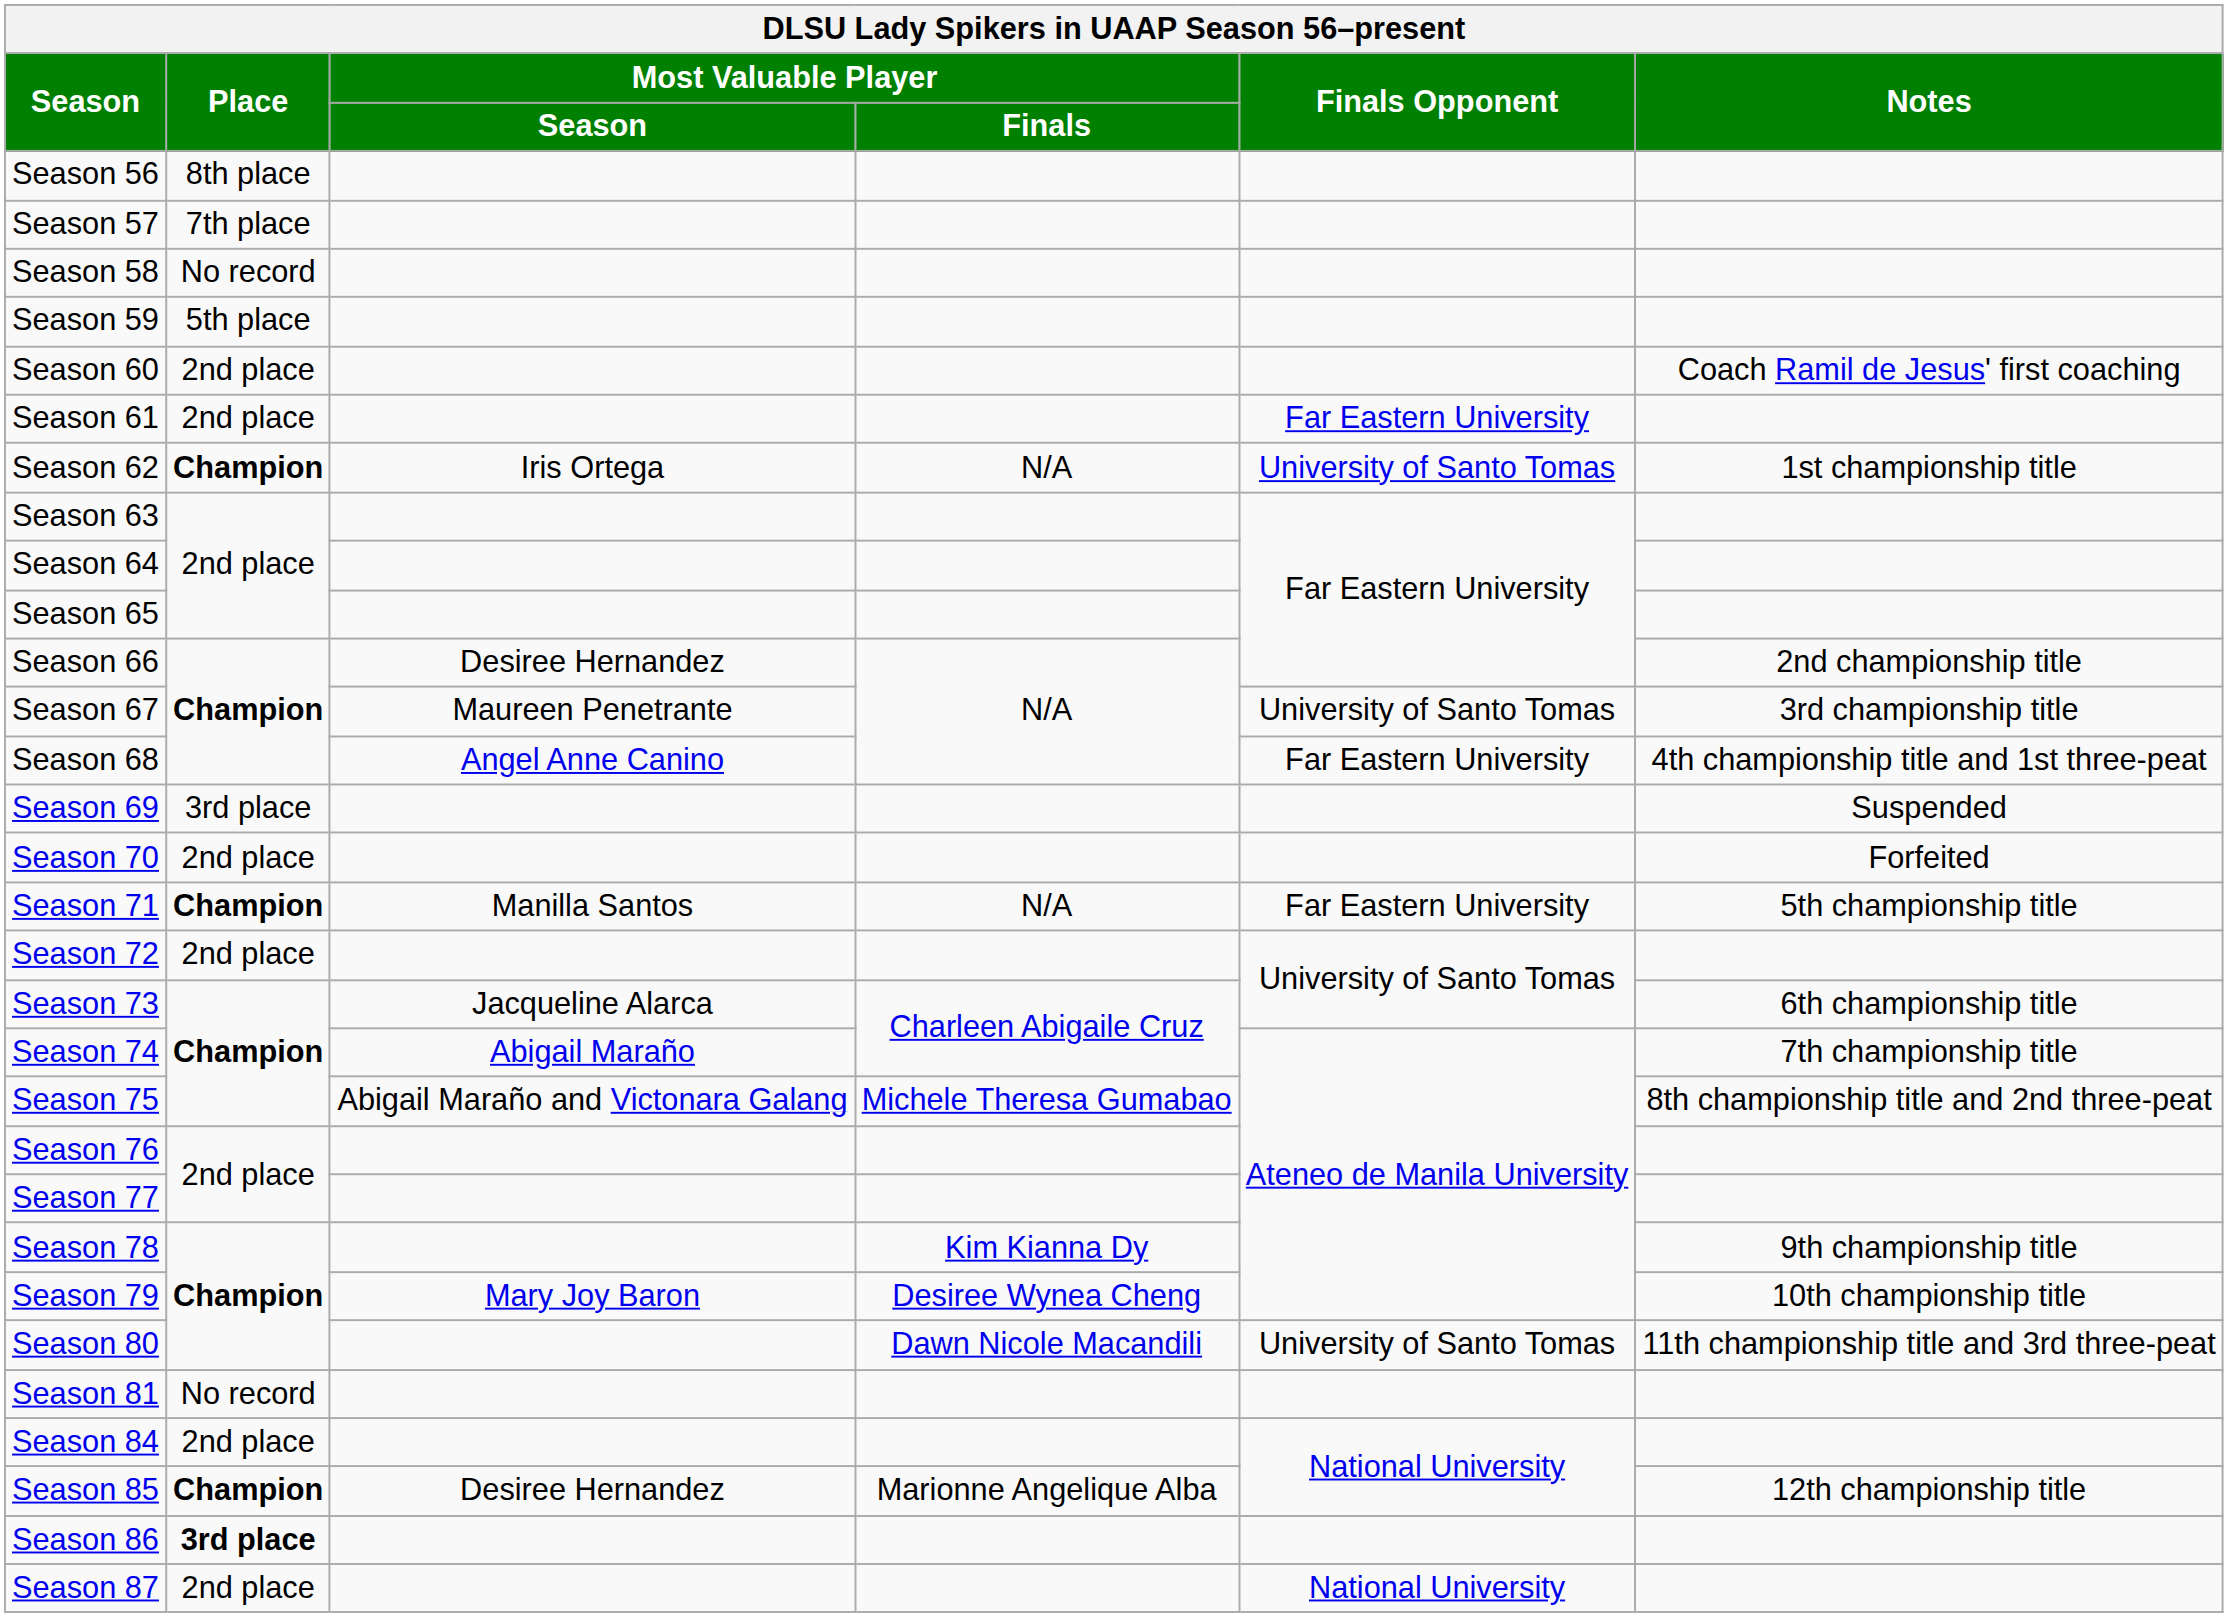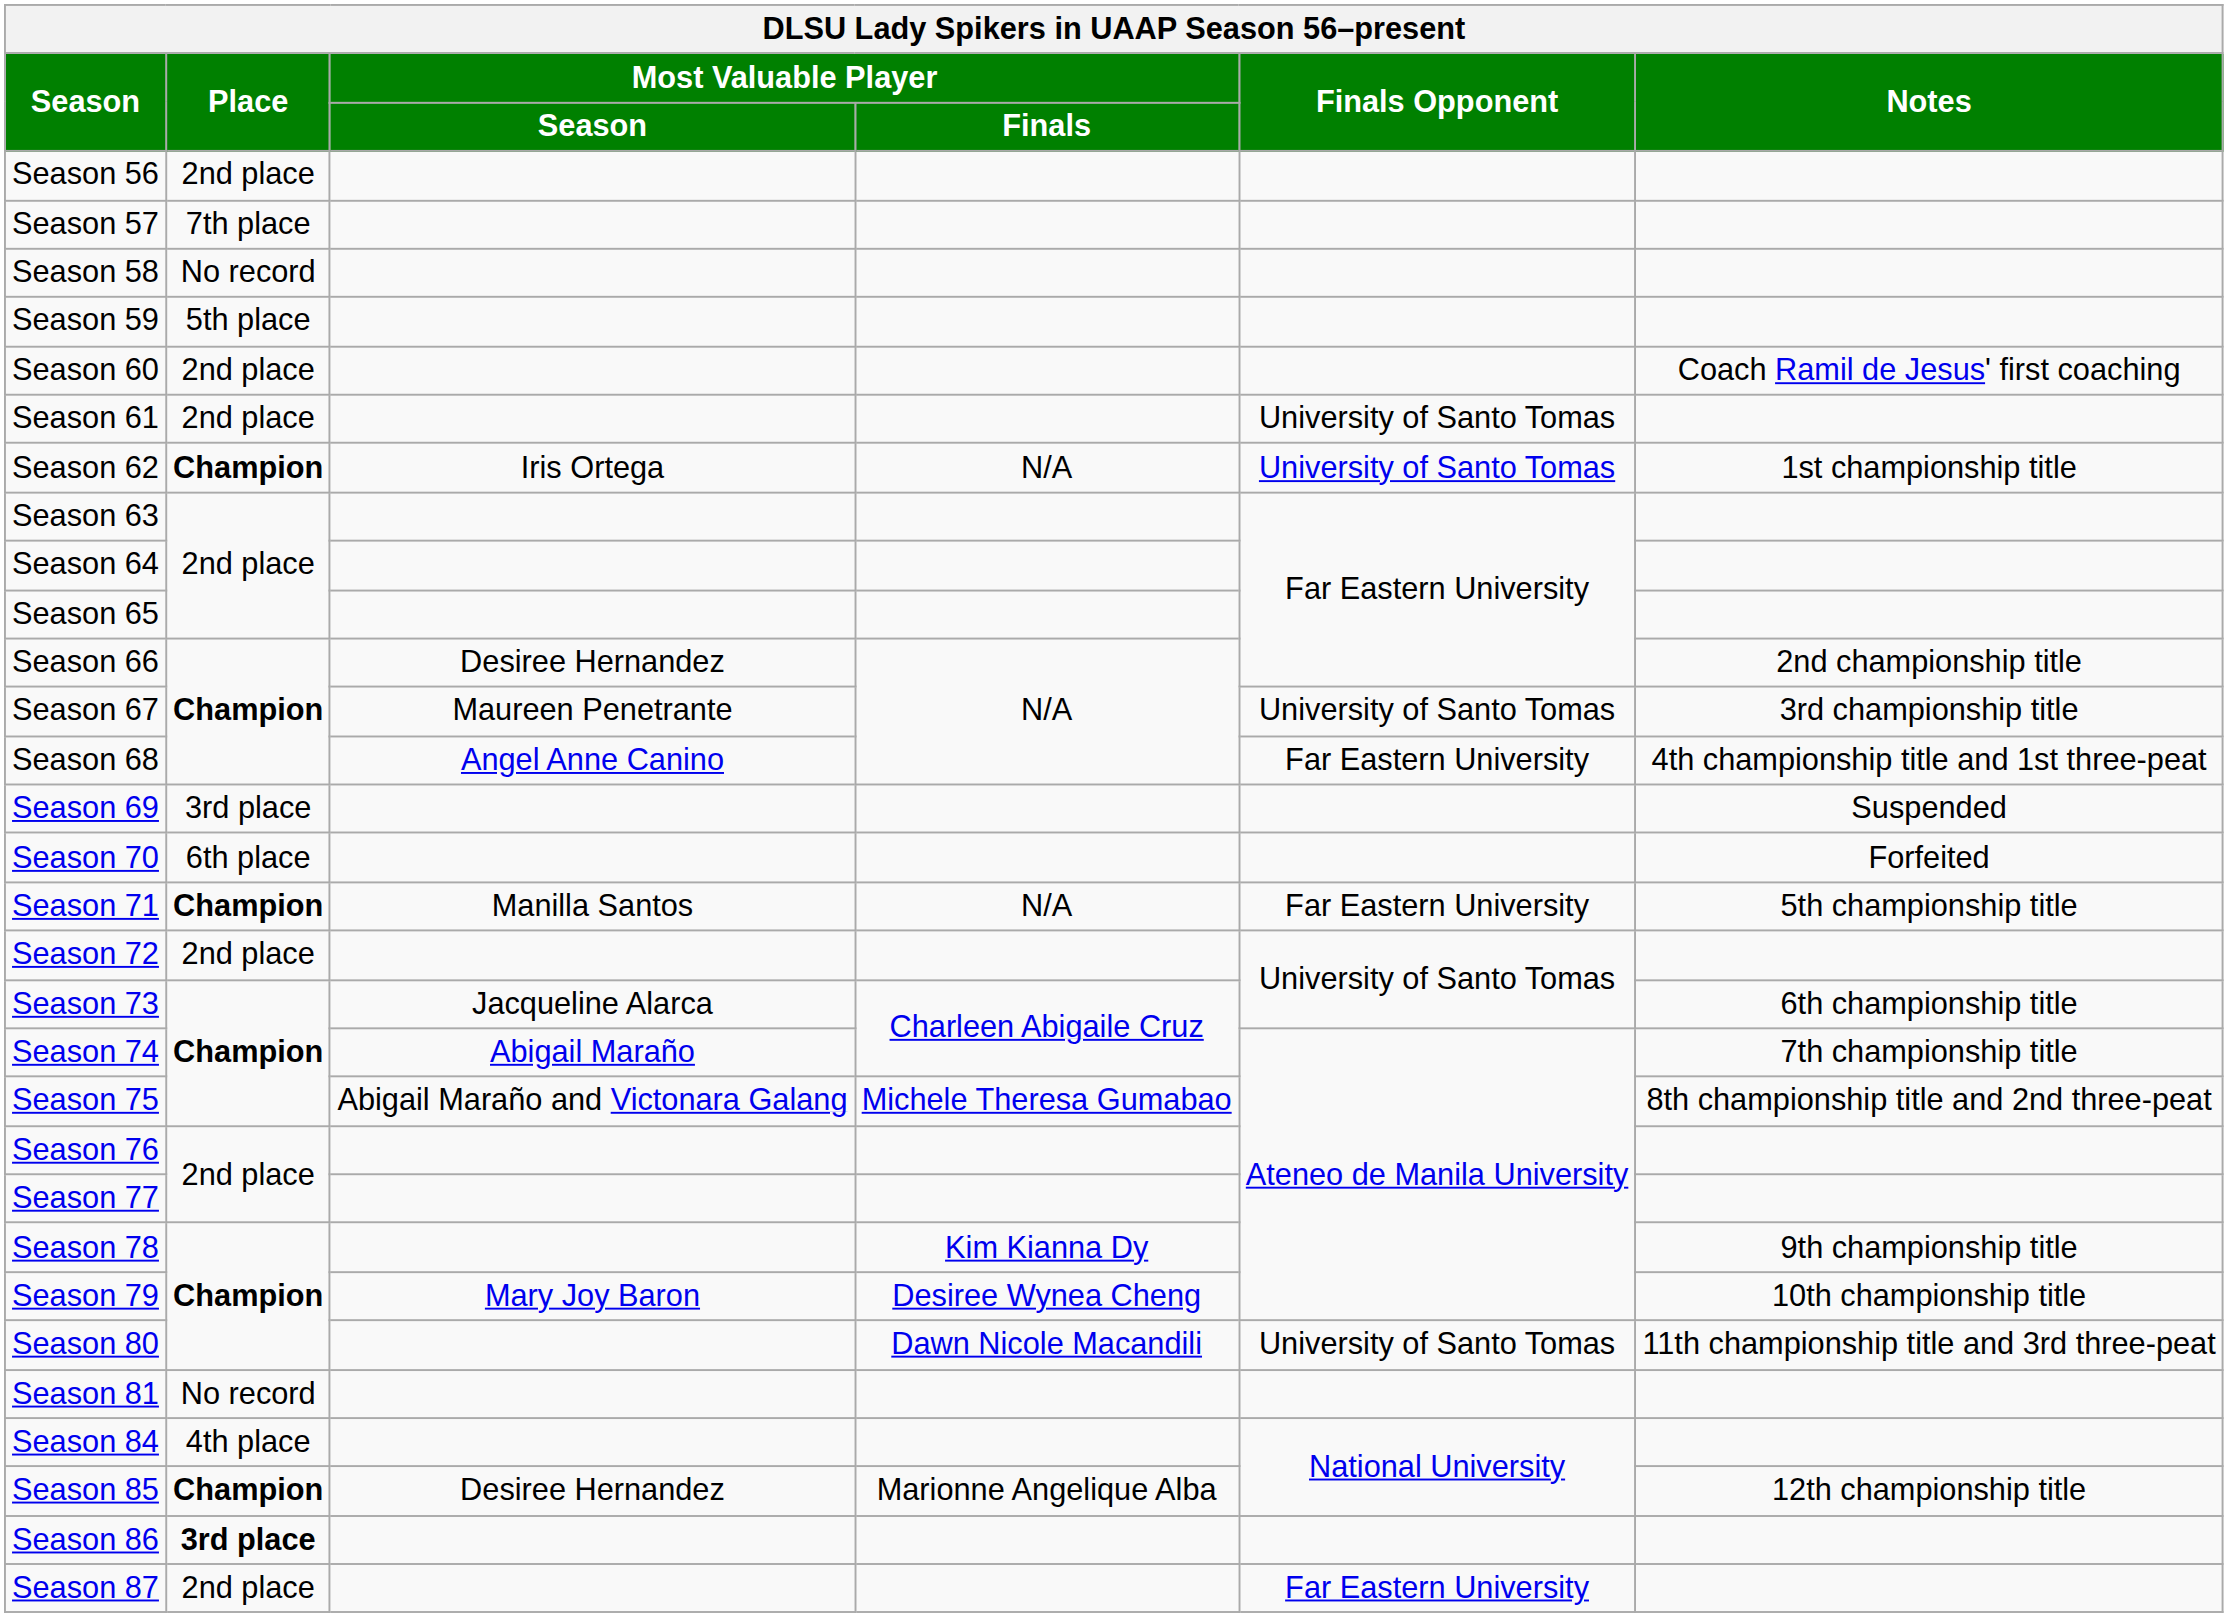 <table class="wikitable">
 <tr>
 <th colspan="6">DLSU Lady Spikers in UAAP Season 56–present</th>
 </tr>
 <tr>
 <th rowspan="2" style="background:green; color:white;">Season</th>
 <th rowspan="2" style="background:green; color:white;">Place</th>
 <th colspan="2" style="background:green; color:white;">Most Valuable Player</th>
 <th rowspan="2" style="background:green; color:white;">Finals Opponent</th>
 <th rowspan="2" style="background:green; color:white;">Notes</th>
 </tr>
 <tr>
 <th style="background:green; color:white;">Season</th>
 <th style="background:green; color:white;">Finals</th>
 </tr>
 <tr>
 <td style="text-align:center;">Season 56</td>
-<td style="text-align:center">8th place</td>
+<td style="text-align:center"> 2nd place</td>
 <td style="text-align:center"></td>
 <td></td>
 <td style="text-align:center"></td>
 <td></td>
 </tr>
 <tr>
 <td style="text-align:center;">Season 57</td>
 <td style="text-align:center">7th place</td>
 <td style="text-align:center"></td>
 <td></td>
 <td style="text-align:center"></td>
 <td></td>
 </tr>
 <tr>
 <td style="text-align:center;">Season 58</td>
 <td style="text-align:center">No record</td>
 <td style="text-align:center"></td>
 <td></td>
 <td style="text-align:center"></td>
 <td></td>
 </tr>
 <tr>
 <td style="text-align:center;">Season 59</td>
 <td style="text-align:center">5th place</td>
 <td style="text-align:center"></td>
 <td></td>
 <td style="text-align:center"></td>
 <td></td>
 </tr>
 <tr>
 <td style="text-align:center;">Season 60</td>
 <td style="text-align:center"> 2nd place</td>
 <td style="text-align:center"></td>
 <td></td>
 <td style="text-align:center"></td>
 <td style="text-align:center">Coach <a href='#'>Ramil de Jesus</a>' first coaching</td>
 </tr>
 <tr>
 <td style="text-align:center;">Season 61</td>
 <td style="text-align:center"> 2nd place</td>
 <td style="text-align:center"></td>
 <td></td>
-<td style="text-align:center"> <a href='#'>Far Eastern University</a></td>
+<td style="text-align:center"> University of Santo Tomas</td>
 <td style="text-align:center"></td>
 </tr>
 <tr>
 <td style="text-align:center;">Season 62</td>
 <td style="text-align:center;"> <strong>Champion</strong></td>
 <td style="text-align:center">Iris Ortega</td>
 <td style="text-align:center">N/A</td>
 <td style="text-align:center"> <a href='#'>University of Santo Tomas</a></td>
 <td style="text-align:center">1st championship title</td>
 </tr>
 <tr>
 <td style="text-align:center;">Season 63</td>
 <td rowspan="3" style="text-align:center"> 2nd place</td>
 <td style="text-align:center"></td>
 <td></td>
 <td rowspan="4" style="text-align:center"> Far Eastern University</td>
 <td></td>
 </tr>
 <tr>
 <td style="text-align:center;">Season 64</td>
 <td style="text-align:center"></td>
 <td></td>
 <td></td>
 </tr>
 <tr>
 <td style="text-align:center;">Season 65</td>
 <td style="text-align:center"></td>
 <td></td>
 <td></td>
 </tr>
 <tr>
 <td style="text-align:center;">Season 66</td>
 <td rowspan="3" style="text-align:center"> <strong>Champion</strong></td>
 <td style="text-align:center">Desiree Hernandez</td>
 <td rowspan="3" style="text-align:center">N/A</td>
 <td style="text-align:center">2nd championship title</td>
 </tr>
 <tr>
 <td style="text-align:center;">Season 67</td>
 <td style="text-align:center">Maureen Penetrante</td>
 <td style="text-align:center"> University of Santo Tomas</td>
 <td style="text-align:center">3rd championship title</td>
 </tr>
 <tr>
 <td style="text-align:center;">Season 68</td>
 <td style="text-align:center"><a href='#'>Angel Anne Canino</a></td>
 <td style="text-align:center"> Far Eastern University</td>
 <td style="text-align:center">4th championship title and 1st three-peat</td>
 </tr>
 <tr>
 <td style="text-align:center;"><a href='#'>Season 69</a></td>
 <td style="text-align:center"> 3rd place</td>
 <td style="text-align:center"></td>
 <td></td>
 <td style="text-align:center"></td>
 <td style="text-align:center">Suspended</td>
 </tr>
 <tr>
 <td style="text-align:center;"><a href='#'>Season 70</a></td>
-<td style="text-align:center"> 2nd place</td>
+<td style="text-align:center">6th place</td>
 <td style="text-align:center"></td>
 <td></td>
 <td style="text-align:center"></td>
 <td style="text-align:center">Forfeited</td>
 </tr>
 <tr>
 <td style="text-align:center;"><a href='#'>Season 71</a></td>
 <td style="text-align:center"> <strong>Champion</strong></td>
 <td style="text-align:center">Manilla Santos</td>
 <td style="text-align:center">N/A</td>
 <td style="text-align:center"> Far Eastern University</td>
 <td style="text-align:center">5th championship title</td>
 </tr>
 <tr>
 <td style="text-align:center;"><a href='#'>Season 72</a></td>
 <td style="text-align:center"> 2nd place</td>
 <td style="text-align:center"></td>
 <td></td>
 <td rowspan="2" style="text-align:center"> University of Santo Tomas</td>
 <td style="text-align:center"></td>
 </tr>
 <tr>
 <td style="text-align:center;"><a href='#'>Season 73</a></td>
 <td rowspan="3" style="text-align:center"> <strong>Champion</strong></td>
 <td style="text-align:center">Jacqueline Alarca</td>
 <td rowspan="2" style="text-align:center"><a href='#'>Charleen Abigaile Cruz</a></td>
 <td style="text-align:center">6th championship title</td>
 </tr>
 <tr>
 <td style="text-align:center;"><a href='#'>Season 74</a></td>
 <td style="text-align:center"><a href='#'>Abigail Maraño</a></td>
 <td rowspan="6" style="text-align:center"> <a href='#'>Ateneo de Manila University</a></td>
 <td style="text-align:center">7th championship title</td>
 </tr>
 <tr>
 <td style="text-align:center;"><a href='#'>Season 75</a></td>
 <td style="text-align:center">Abigail Maraño and <a href='#'>Victonara Galang</a></td>
 <td style="text-align:center"><a href='#'>Michele Theresa Gumabao</a></td>
 <td style="text-align:center">8th championship title and 2nd three-peat</td>
 </tr>
 <tr>
 <td style="text-align:center;"><a href='#'>Season 76</a></td>
 <td rowspan="2" style="text-align:center"> 2nd place</td>
 <td style="text-align:center"></td>
 <td></td>
 <td></td>
 </tr>
 <tr>
 <td style="text-align:center;"><a href='#'>Season 77</a></td>
 <td style="text-align:center"></td>
 <td></td>
 <td></td>
 </tr>
 <tr>
 <td style="text-align:center;"><a href='#'>Season 78</a></td>
 <td rowspan="3" style="text-align:center"> <strong>Champion</strong></td>
 <td style="text-align:center"></td>
 <td style="text-align:center"><a href='#'>Kim Kianna Dy</a></td>
 <td style="text-align:center">9th championship title</td>
 </tr>
 <tr>
 <td style="text-align:center;"><a href='#'>Season 79</a></td>
 <td style="text-align:center"><a href='#'>Mary Joy Baron</a></td>
 <td style="text-align:center"><a href='#'>Desiree Wynea Cheng</a></td>
 <td style="text-align:center">10th championship title</td>
 </tr>
 <tr>
 <td style="text-align:center;"><a href='#'>Season 80</a></td>
 <td style="text-align:center"></td>
 <td style="text-align:center"><a href='#'>Dawn Nicole Macandili</a></td>
 <td style="text-align:center"> University of Santo Tomas</td>
 <td style="text-align:center">11th championship title and 3rd three-peat</td>
 </tr>
 <tr>
 <td style="text-align:center;"><a href='#'>Season 81</a></td>
 <td style="text-align:center">No record</td>
 <td style="text-align:center"></td>
 <td></td>
 <td style="text-align:center"></td>
 <td></td>
 </tr>
 <tr>
 <td style="text-align:center;"><a href='#'>Season 84</a></td>
-<td style="text-align:center"> 2nd place</td>
+<td style="text-align:center">4th place</td>
 <td style="text-align:center"></td>
 <td></td>
 <td rowspan="2" style="text-align:center"> <a href='#'>National University</a></td>
 <td></td>
 </tr>
 <tr>
 <td style="text-align:center;"><a href='#'>Season 85</a></td>
 <td style="text-align:center"> <strong>Champion</strong></td>
 <td style="text-align:center">Desiree Hernandez</td>
 <td style="text-align:center">Marionne Angelique Alba</td>
 <td style="text-align:center">12th championship title</td>
 </tr>
 <tr>
 <td style="text-align:center;"><a href='#'>Season 86</a></td>
 <td style="text-align:center"><strong> 3rd place</strong></td>
 <td style="text-align:center"></td>
 <td></td>
 <td style="text-align:center"></td>
 <td></td>
 </tr>
 <tr>
 <td style="text-align:center;"><a href='#'>Season 87</a></td>
 <td style="text-align:center"> 2nd place</td>
 <td style="text-align:center"></td>
 <td></td>
-<td style="text-align:center"> <a href='#'>National University</a></td>
+<td style="text-align:center"> <a href='#'>Far Eastern University</a></td>
 </tr>
 </table>
